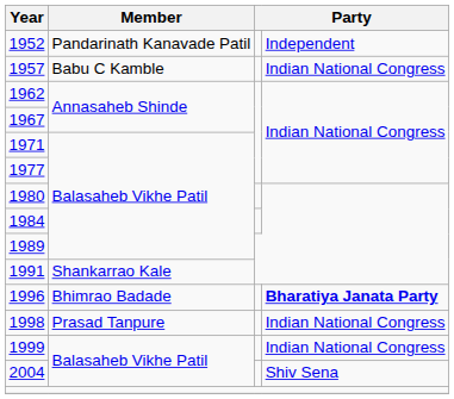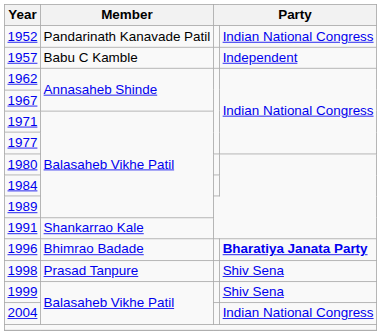 <table class="wikitable">
 <tr>
 <th>Year</th>
 <th>Member</th>
 <th colspan="2">Party</th>
 </tr>
 <tr>
 <td><a href='#'>1952</a></td>
 <td>Pandarinath Kanavade Patil</td>
 <td style="background-color: "></td>
-<td><a href='#'>Independent</a></td>
+<td><a href='#'>Indian National Congress</a></td>
 </tr>
 <tr>
 <td><a href='#'>1957</a></td>
 <td>Babu C Kamble</td>
 <td style="background-color: "></td>
-<td><a href='#'>Indian National Congress</a></td>
+<td><a href='#'>Independent</a></td>
 </tr>
 <tr>
 <td><a href='#'>1962</a></td>
 <td rowspan="2"><a href='#'>Annasaheb Shinde</a></td>
 <td rowspan="4" style="background-color: "></td>
 <td rowspan="4"><a href='#'>Indian National Congress</a></td>
 </tr>
 <tr>
 <td><a href='#'>1967</a></td>
 </tr>
 <tr>
 <td><a href='#'>1971</a></td>
 <td rowspan="5"><a href='#'>Balasaheb Vikhe Patil</a></td>
 </tr>
 <tr>
 <td><a href='#'>1977</a></td>
 </tr>
 <tr>
 <td><a href='#'>1980</a></td>
 <td></td>
 </tr>
 <tr>
 <td><a href='#'>1984</a></td>
 <td></td>
 </tr>
 <tr>
 <td><a href='#'>1989</a></td>
 </tr>
 <tr>
 <td><a href='#'>1991</a></td>
 <td><a href='#'>Shankarrao Kale</a></td>
 </tr>
 <tr>
 <td><a href='#'>1996</a></td>
 <td><a href='#'>Bhimrao Badade</a></td>
 <td style="background-color: "></td>
 <td><strong><a href='#'>Bharatiya Janata Party</a></strong></td>
 </tr>
 <tr>
 <td><a href='#'>1998</a></td>
 <td><a href='#'>Prasad Tanpure</a></td>
 <td style="background-color: "></td>
-<td><a href='#'>Indian National Congress</a></td>
+<td><a href='#'>Shiv Sena</a></td>
 </tr>
 <tr>
 <td><a href='#'>1999</a></td>
 <td rowspan="2"><a href='#'>Balasaheb Vikhe Patil</a></td>
 <td style="background-color: "></td>
-<td><a href='#'>Indian National Congress</a></td>
+<td><a href='#'>Shiv Sena</a></td>
 </tr>
 <tr>
 <td><a href='#'>2004</a></td>
 <td style="background-color: "></td>
-<td><a href='#'>Shiv Sena</a></td>
+<td><a href='#'>Indian National Congress</a></td>
 </tr>
 <tr>
 <td colspan="4"></td>
 </tr>
 <tr>
 </tr>
 </table>
